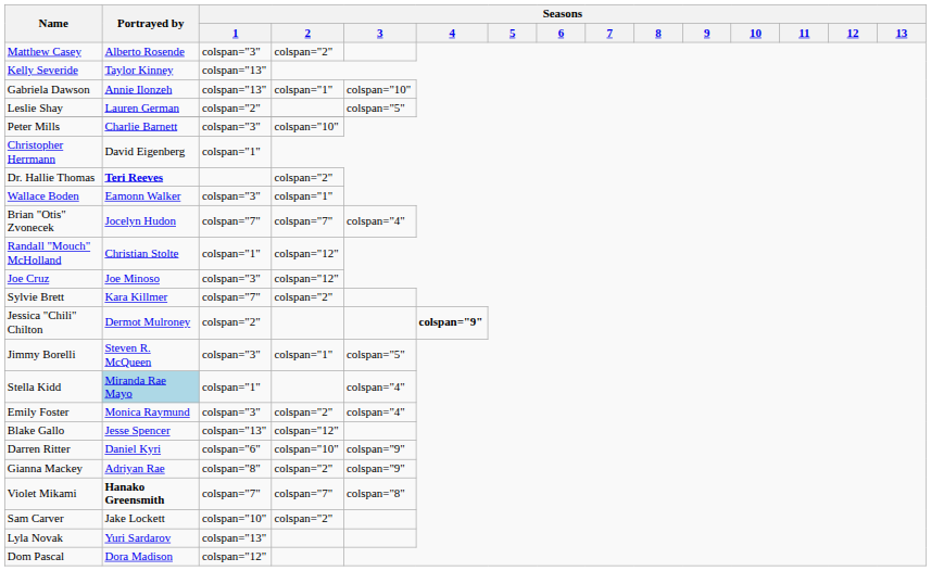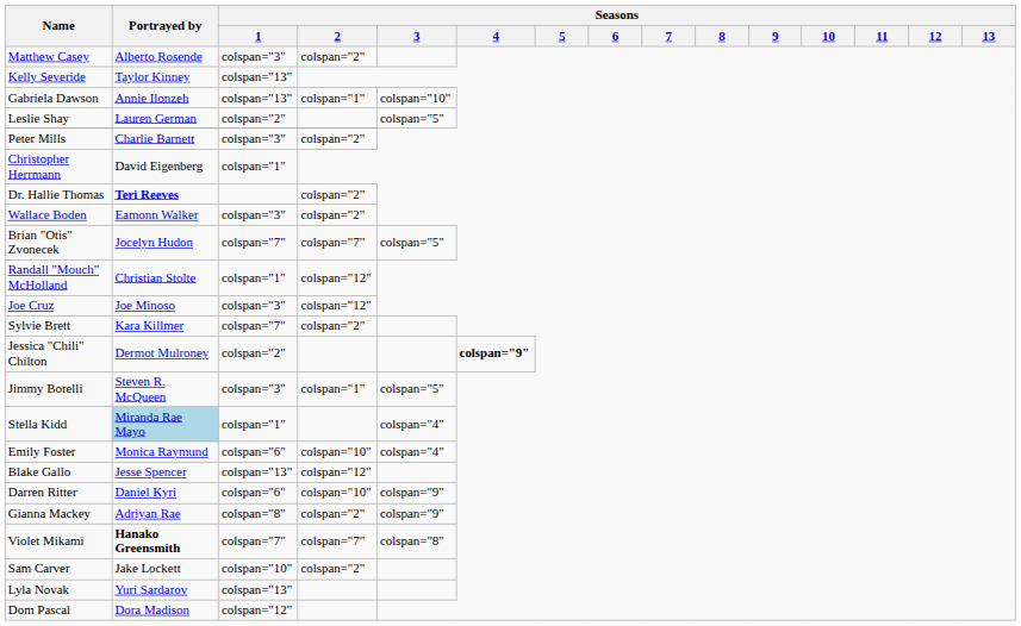 <table class="wikitable plainrowheaders">
 <tr>
 <th scope="col" style="width:10%;" rowspan="2">Name</th>
 <th scope="col" style="width:10%;" rowspan="2">Portrayed by</th>
 <th scope="col" style="width:50%;" colspan="13">Seasons</th>
 </tr>
 <tr>
 <th scope="col" style="width:5%;"><a href='#'>1</a></th>
 <th scope="col" style="width:5%;"><a href='#'>2</a></th>
 <th scope="col" style="width:5%;"><a href='#'>3</a></th>
 <th scope="col" style="width:5%;"><a href='#'>4</a></th>
 <th scope="col" style="width:5%;"><a href='#'>5</a></th>
 <th scope="col" style="width:5%;"><a href='#'>6</a></th>
 <th scope="col" style="width:5%;"><a href='#'>7</a></th>
 <th scope="col" style="width:5%;"><a href='#'>8</a></th>
 <th scope="col" style="width:5%;"><a href='#'>9</a></th>
 <th scope="col" style="width:5%;"><a href='#'>10</a></th>
 <th scope="col" style="width:5%;"><a href='#'>11</a></th>
 <th scope="col" style="width:5%;"><a href='#'>12</a></th>
 <th scope="col" style="width:5%;"><a href='#'>13</a></th>
 </tr>
 <tr>
 <td scope="row"><a href='#'>Matthew Casey</a></td>
 <td><a href='#'>Alberto Rosende</a></td>
 <td>colspan="3" </td>
 <td>colspan="2" </td>
 <td></td>
 </tr>
 <tr>
 <td scope="row"><a href='#'>Kelly Severide</a></td>
 <td><a href='#'>Taylor Kinney</a></td>
 <td>colspan="13" </td>
 </tr>
 <tr>
 <td scope="row">Gabriela Dawson</td>
 <td><a href='#'>Annie Ilonzeh</a></td>
 <td>colspan="13" </td>
 <td>colspan="1" </td>
 <td>colspan="10" </td>
 </tr>
 <tr>
 <td scope="row">Leslie Shay</td>
 <td><a href='#'>Lauren German</a></td>
 <td>colspan="2" </td>
 <td></td>
 <td>colspan="5" </td>
 </tr>
 <tr>
 </tr>
 <tr>
 <td scope="row">Peter Mills</td>
 <td><a href='#'>Charlie Barnett</a></td>
 <td>colspan="3" </td>
-<td>colspan="10" </td>
+<td>colspan="2" </td>
 </tr>
 <tr>
 <td scope="row"><a href='#'>Christopher Herrmann</a></td>
 <td>David Eigenberg</td>
 <td>colspan="1" </td>
 </tr>
 <tr>
 <td scope="row">Dr. Hallie Thomas</td>
 <td><strong><a href='#'>Teri Reeves</a></strong></td>
 <td></td>
 <td>colspan="2" </td>
 </tr>
 <tr>
 <td scope="row"><a href='#'>Wallace Boden</a></td>
 <td><a href='#'>Eamonn Walker</a></td>
 <td>colspan="3" </td>
-<td>colspan="1" </td>
+<td>colspan="2"</td>
 </tr>
 <tr>
 <td scope="row">Brian "Otis" Zvonecek</td>
 <td><a href='#'>Jocelyn Hudon</a></td>
 <td>colspan="7" </td>
 <td>colspan="7" </td>
-<td>colspan="4" </td>
+<td>colspan="5" </td>
 </tr>
 <tr>
 <td scope="row"><a href='#'>Randall "Mouch" McHolland</a></td>
 <td><a href='#'>Christian Stolte</a></td>
 <td>colspan="1" </td>
 <td>colspan="12" </td>
 </tr>
 <tr>
 <td scope="row"><a href='#'>Joe Cruz</a></td>
 <td><a href='#'>Joe Minoso</a></td>
 <td>colspan="3" </td>
 <td>colspan="12" </td>
 </tr>
 <tr>
 <td scope="row">Sylvie Brett</td>
 <td><a href='#'>Kara Killmer</a></td>
 <td>colspan="7" </td>
 <td>colspan="2" </td>
 <td></td>
 </tr>
 <tr>
 <td scope="row">Jessica "Chili" Chilton</td>
 <td><a href='#'>Dermot Mulroney</a></td>
 <td>colspan="2" </td>
 <td></td>
 <td></td>
 <td><strong>colspan="9" </strong></td>
 </tr>
 <tr>
 <td scope="row">Jimmy Borelli</td>
 <td><a href='#'>Steven R. McQueen</a></td>
 <td>colspan="3" </td>
 <td>colspan="1" </td>
 <td>colspan="5" </td>
 </tr>
 <tr>
 <td scope="row">Stella Kidd</td>
 <td style="background: lightblue;"><a href='#'>Miranda Rae Mayo</a></td>
 <td>colspan="1" </td>
 <td></td>
 <td>colspan="4" </td>
 </tr>
 <tr>
 <td scope="row">Emily Foster</td>
 <td><a href='#'>Monica Raymund</a></td>
-<td>colspan="3" </td>
-<td>colspan="2" </td>
+<td>colspan="6" </td>
+<td>colspan="10" </td>
 <td>colspan="4" </td>
 </tr>
 <tr>
 <td scope="row">Blake Gallo</td>
 <td><a href='#'>Jesse Spencer</a></td>
 <td>colspan="13" </td>
 <td>colspan="12" </td>
 <td></td>
 </tr>
 <tr>
 <td scope="row">Darren Ritter</td>
 <td><a href='#'>Daniel Kyri</a></td>
 <td>colspan="6" </td>
 <td>colspan="10" </td>
 <td>colspan="9" </td>
 </tr>
 <tr>
 <td scope="row">Gianna Mackey</td>
 <td><a href='#'>Adriyan Rae</a></td>
 <td>colspan="8" </td>
 <td>colspan="2" </td>
 <td>colspan="9" </td>
 </tr>
 <tr>
 <td scope="row">Violet Mikami</td>
 <td><strong>Hanako Greensmith</strong></td>
 <td>colspan="7" </td>
 <td>colspan="7" </td>
 <td>colspan="8" </td>
 </tr>
 <tr>
 <td scope="row">Sam Carver</td>
 <td>Jake Lockett</td>
 <td>colspan="10" </td>
 <td>colspan="2"</td>
 <td></td>
 </tr>
 <tr>
 <td scope="row">Lyla Novak</td>
 <td><a href='#'>Yuri Sardarov</a></td>
 <td>colspan="13" </td>
 <td></td>
 <td></td>
 </tr>
 <tr>
 <td scope="row">Dom Pascal</td>
 <td><a href='#'>Dora Madison</a></td>
 <td>colspan="12" </td>
 <td></td>
 </tr>
 </table>
